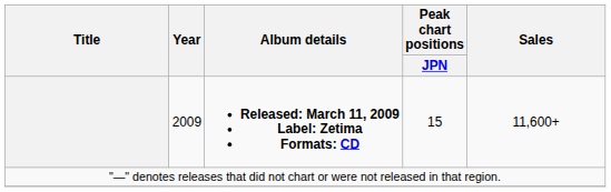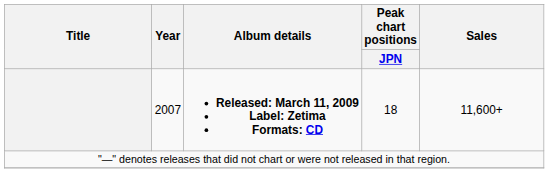 <table class="wikitable plainrowheaders" style="text-align:center;">
 <tr>
 <th rowspan="2" style="width:12em;">Title</th>
 <th rowspan="2">Year</th>
 <th rowspan="2">Album details</th>
 <th colspan="1">Peak chart positions</th>
 <th rowspan="2" style="width:10em;">Sales</th>
 </tr>
 <tr>
 <th width="30"><a href='#'>JPN</a></th>
 </tr>
 <tr>
 <th scope="row"></th>
-<td>2009</td>
+<td>2007</td>
 <td><strong><br><ul><li>Released: March 11, 2009</li><li>Label: Zetima</li><li>Formats: <a href='#'>CD</a></li></ul></strong></td>
-<td>15</td>
+<td>18</td>
 <td>11,600+</td>
 </tr>
 <tr>
 <td colspan="6" style="font-size:90%;">"—" denotes releases that did not chart or were not released in that region.</td>
 </tr>
 <tr>
 </tr>
 </table>
